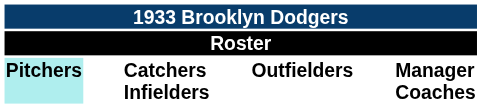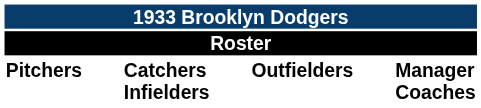 <table class="toccolours" style="font-size: 95%;">
 <tr>
 <th colspan="10" style="background:#083c6b; color:#fff; text-align:center;">1933 Brooklyn Dodgers</th>
 </tr>
 <tr>
 <td colspan="10" style="background:black; color:#fff; text-align:center;"><strong>Roster</strong></td>
 </tr>
 <tr>
-<td valign="top" style="background: paleturquoise;"><strong>Pitchers</strong><br>          </td>
+<td valign="top"><strong>Pitchers</strong><br>          </td>
 <td style="width:25px;"></td>
 <td valign="top"><strong>Catchers</strong><br>    <strong>Infielders</strong>           </td>
 <td style="width:25px;"></td>
 <td valign="top"><strong>Outfielders</strong><br>      </td>
 <td style="width:25px;"></td>
 <td valign="top"><strong>Manager</strong><br> <strong>Coaches</strong>  </td>
 </tr>
 </table>
